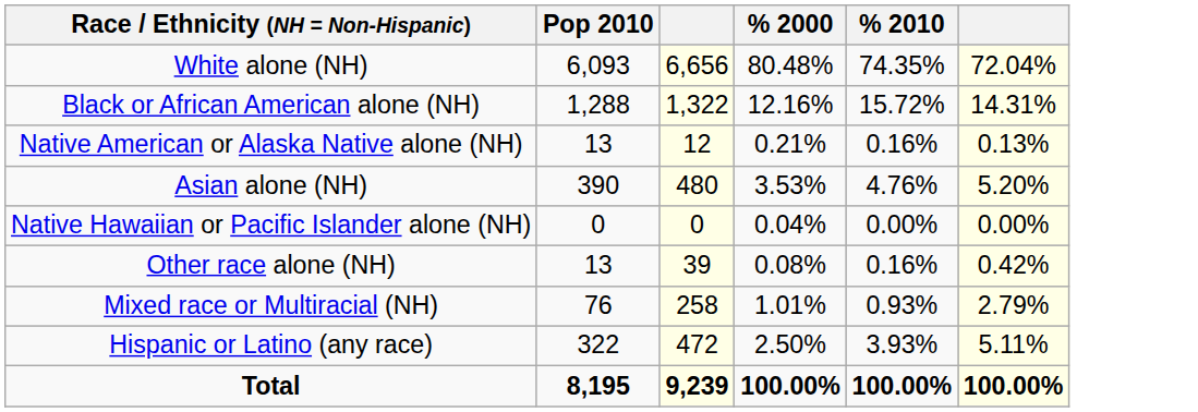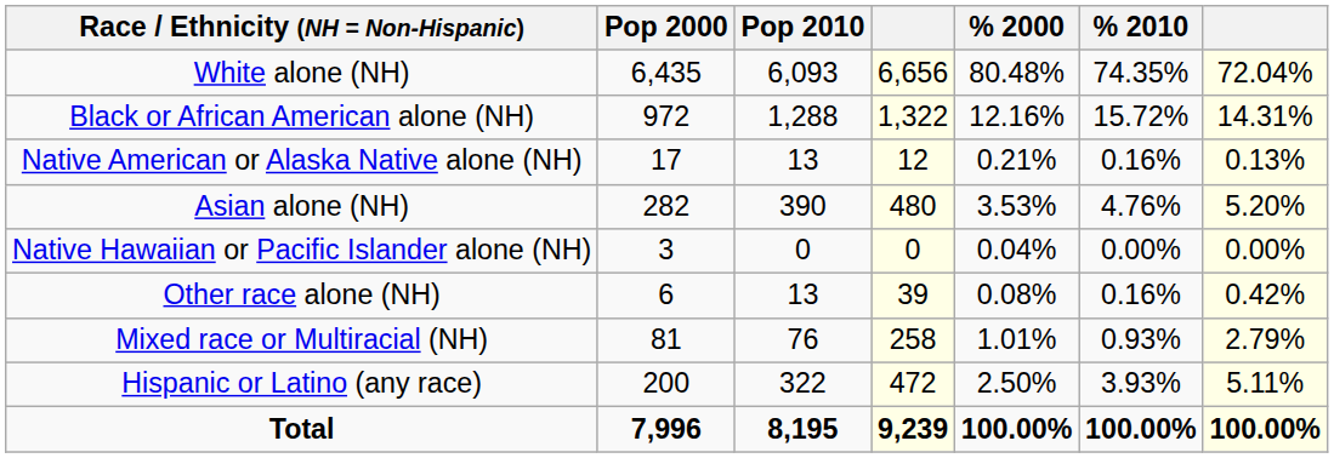 <table class="wikitable" style="text-align:center;">
 <tr>
 <th>Race / Ethnicity <small>(<em>NH = Non-Hispanic</em>)</small></th>
+<th>Pop 2000</th>
 <th>Pop 2010</th>
 <th></th>
 <th>% 2000</th>
 <th>% 2010</th>
 <th></th>
 </tr>
 <tr>
 <td><a href='#'>White</a> alone (NH)</td>
+<td>6,435</td>
 <td>6,093</td>
 <td style='background: #ffffe6;'>6,656</td>
 <td>80.48%</td>
 <td>74.35%</td>
 <td style='background: #ffffe6;'>72.04%</td>
 </tr>
 <tr>
 <td><a href='#'>Black or African American</a> alone (NH)</td>
+<td>972</td>
 <td>1,288</td>
 <td style='background: #ffffe6;'>1,322</td>
 <td>12.16%</td>
 <td>15.72%</td>
 <td style='background: #ffffe6;'>14.31%</td>
 </tr>
 <tr>
 <td><a href='#'>Native American</a> or <a href='#'>Alaska Native</a> alone (NH)</td>
+<td>17</td>
 <td>13</td>
 <td style='background: #ffffe6;'>12</td>
 <td>0.21%</td>
 <td>0.16%</td>
 <td style='background: #ffffe6;'>0.13%</td>
 </tr>
 <tr>
 <td><a href='#'>Asian</a> alone (NH)</td>
+<td>282</td>
 <td>390</td>
 <td style='background: #ffffe6;'>480</td>
 <td>3.53%</td>
 <td>4.76%</td>
 <td style='background: #ffffe6;'>5.20%</td>
 </tr>
 <tr>
 <td><a href='#'>Native Hawaiian</a> or <a href='#'>Pacific Islander</a> alone (NH)</td>
+<td>3</td>
 <td>0</td>
 <td style='background: #ffffe6;'>0</td>
 <td>0.04%</td>
 <td>0.00%</td>
 <td style='background: #ffffe6;'>0.00%</td>
 </tr>
 <tr>
 <td><a href='#'>Other race</a> alone (NH)</td>
+<td>6</td>
 <td>13</td>
 <td style='background: #ffffe6;'>39</td>
 <td>0.08%</td>
 <td>0.16%</td>
 <td style='background: #ffffe6;'>0.42%</td>
 </tr>
 <tr>
 <td><a href='#'>Mixed race or Multiracial</a> (NH)</td>
+<td>81</td>
 <td>76</td>
 <td style='background: #ffffe6;'>258</td>
 <td>1.01%</td>
 <td>0.93%</td>
 <td style='background: #ffffe6;'>2.79%</td>
 </tr>
 <tr>
 <td><a href='#'>Hispanic or Latino</a> (any race)</td>
+<td>200</td>
 <td>322</td>
 <td style='background: #ffffe6;'>472</td>
 <td>2.50%</td>
 <td>3.93%</td>
 <td style='background: #ffffe6;'>5.11%</td>
 </tr>
 <tr>
 <td><strong>Total</strong></td>
+<td><strong>7,996</strong></td>
 <td><strong>8,195</strong></td>
 <td style='background: #ffffe6;'><strong>9,239</strong></td>
 <td><strong>100.00%</strong></td>
 <td><strong>100.00%</strong></td>
 <td style='background: #ffffe6;'><strong>100.00%</strong></td>
 </tr>
 </table>
